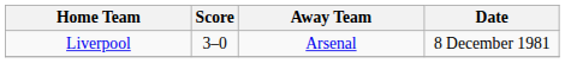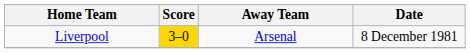 <table class="wikitable" style="text-align:center;">
 <tr>
 <th width=175>Home Team</th>
 <th width=20>Score</th>
 <th width=175>Away Team</th>
 <th width=125>Date</th>
 </tr>
 <tr>
 <td><a href='#'>Liverpool</a></td>
-<td>3–0</td>
+<td style="background: gold;">3–0</td>
 <td><a href='#'>Arsenal</a></td>
 <td>8 December 1981</td>
 </tr>
 <tr>
 </tr>
 </table>
